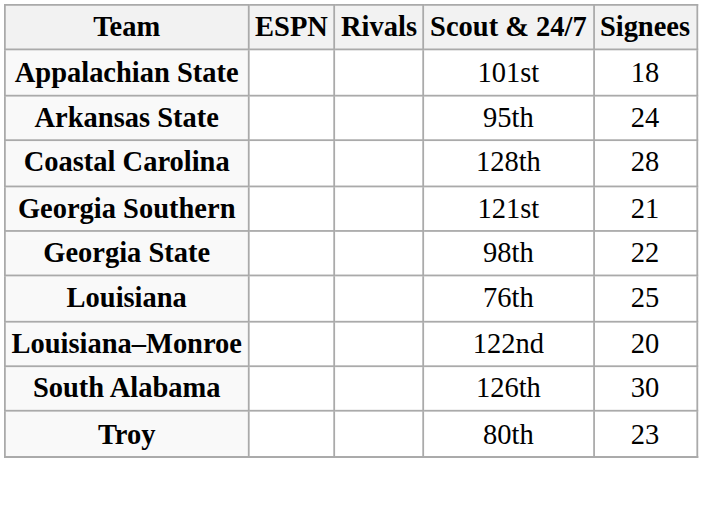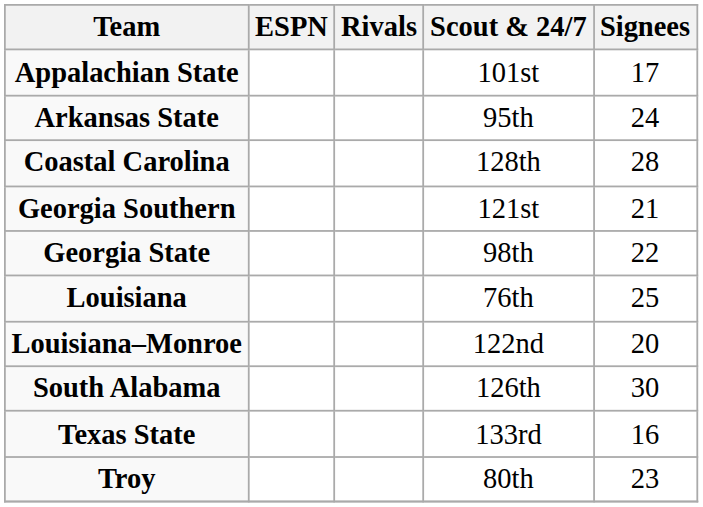 <table class="wikitable">
 <tr>
 <th>Team</th>
 <th>ESPN</th>
 <th>Rivals</th>
 <th>Scout & 24/7</th>
 <th>Signees</th>
 </tr>
 <tr style="text-align:center;">
 <td><strong>Appalachian State</strong></td>
 <td style="text-align:center; background:white"></td>
 <td style="text-align:center; background:white"></td>
 <td style="text-align:center; background:white">101st</td>
-<td style="text-align:center; background:white">18</td>
+<td style="text-align:center; background:white">17</td>
 </tr>
 <tr style="text-align:center;">
 <td><strong>Arkansas State</strong></td>
 <td style="text-align:center; background:white"></td>
 <td style="text-align:center; background:white"></td>
 <td style="text-align:center; background:white">95th</td>
 <td style="text-align:center; background:white">24</td>
 </tr>
 <tr style="text-align:center;">
 <td><strong>Coastal Carolina</strong></td>
 <td style="text-align:center; background:white"></td>
 <td style="text-align:center; background:white"></td>
 <td style="text-align:center; background:white">128th</td>
 <td style="text-align:center; background:white">28</td>
 </tr>
 <tr style="text-align:center;">
 <td><strong>Georgia Southern</strong></td>
 <td style="text-align:center; background:white"></td>
 <td style="text-align:center; background:white"></td>
 <td style="text-align:center; background:white">121st</td>
 <td style="text-align:center; background:white">21</td>
 </tr>
 <tr style="text-align:center;">
 <td><strong>Georgia State</strong></td>
 <td style="text-align:center; background:white"></td>
 <td style="text-align:center; background:white"></td>
 <td style="text-align:center; background:white">98th</td>
 <td style="text-align:center; background:white">22</td>
 </tr>
 <tr style="text-align:center;">
 <td><strong>Louisiana</strong></td>
 <td style="text-align:center; background:white"></td>
 <td style="text-align:center; background:white"></td>
 <td style="text-align:center; background:white">76th</td>
 <td style="text-align:center; background:white">25</td>
 </tr>
 <tr style="text-align:center;">
 <td><strong>Louisiana–Monroe</strong></td>
 <td style="text-align:center; background:white"></td>
 <td style="text-align:center; background:white"></td>
 <td style="text-align:center; background:white">122nd</td>
 <td style="text-align:center; background:white">20</td>
 </tr>
 <tr style="text-align:center;">
 <td><strong>South Alabama</strong></td>
 <td style="text-align:center; background:white"></td>
 <td style="text-align:center; background:white"></td>
 <td style="text-align:center; background:white">126th</td>
 <td style="text-align:center; background:white">30</td>
 </tr>
 <tr style="text-align:center;">
+<td><strong>Texas State</strong></td>
+<td style="text-align:center; background:white"></td>
+<td style="text-align:center; background:white"></td>
+<td style="text-align:center; background:white">133rd</td>
+<td style="text-align:center; background:white">16</td>
+</tr>
+<tr style="text-align:center;">
 <td><strong>Troy</strong></td>
 <td style="text-align:center; background:white"></td>
 <td style="text-align:center; background:white"></td>
 <td style="text-align:center; background:white">80th</td>
 <td style="text-align:center; background:white">23</td>
 </tr>
 <tr style="text-align:center;">
 </tr>
 </table>
